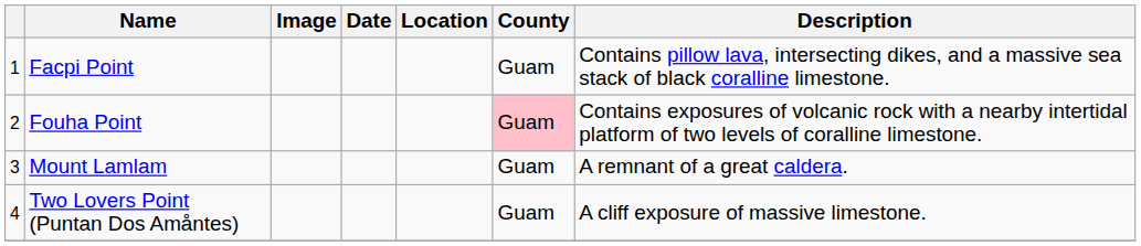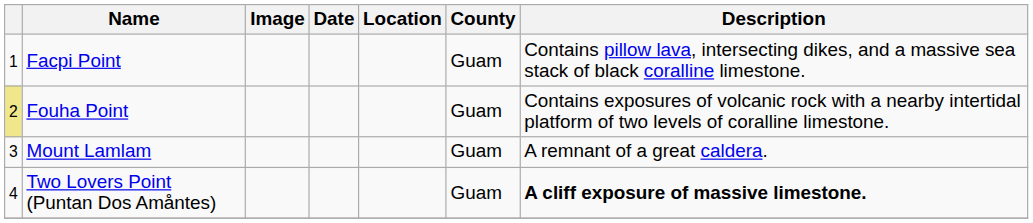 <table class="wikitable sortable" align="center">
 <tr>
 <th style="background-color:"></th>
 <th style="background-color:">Name</th>
 <th style="background-color:">Image</th>
 <th style="background-color:">Date</th>
 <th style="background-color:">Location</th>
 <th style="background-color:">County</th>
 <th style="background-color:">Description</th>
 </tr>
 <tr>
 <td><small>1</small></td>
 <td><a href='#'>Facpi Point</a></td>
 <td></td>
 <td></td>
 <td></td>
 <td>Guam</td>
 <td>Contains <a href='#'>pillow lava</a>, intersecting dikes, and a massive sea stack of black <a href='#'>coralline</a> limestone.</td>
 </tr>
 <tr>
-<td><small>2</small></td>
+<td style="background: khaki;"><small>2</small></td>
 <td><a href='#'>Fouha Point</a></td>
 <td></td>
 <td></td>
 <td></td>
-<td style="background: pink;">Guam</td>
+<td>Guam</td>
 <td>Contains exposures of volcanic rock with a nearby intertidal platform of two levels of coralline limestone.</td>
 </tr>
 <tr>
 <td><small>3</small></td>
 <td><a href='#'>Mount Lamlam</a></td>
 <td></td>
 <td></td>
 <td></td>
 <td>Guam</td>
 <td>A remnant of a great <a href='#'>caldera</a>.</td>
 </tr>
 <tr>
 <td><small>4</small></td>
 <td><a href='#'>Two Lovers Point</a> (Puntan Dos Amåntes)</td>
 <td></td>
 <td></td>
 <td></td>
 <td>Guam</td>
-<td>A  cliff exposure of massive limestone.</td>
+<td><strong>A  cliff exposure of massive limestone.</strong></td>
 </tr>
 <tr>
 </tr>
 </table>
